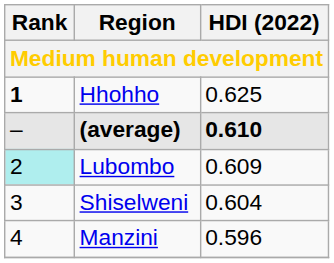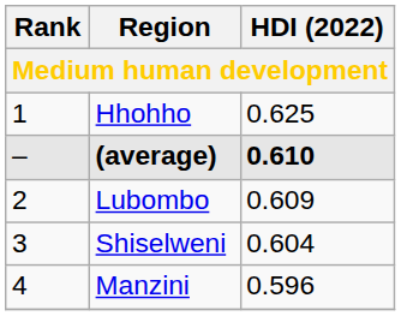 <table class="wikitable sortable">
 <tr>
 <th class="sort">Rank</th>
 <th class="sort">Region</th>
 <th class="sort">HDI (2022)</th>
 </tr>
 <tr>
 <th colspan="3" style="color:#fc0;">Medium human development</th>
 </tr>
 <tr>
-<td><strong>1</strong></td>
+<td>1</td>
 <td style="text-align:left"><a href='#'>Hhohho</a></td>
 <td>0.625</td>
 </tr>
 <tr style="background:#e6e6e6">
 <td>–</td>
 <td style="text-align:left"><strong> (average)</strong></td>
 <td><strong>0.610</strong></td>
 </tr>
 <tr>
-<td style="background: paleturquoise;">2</td>
+<td>2</td>
 <td style="text-align:left"><a href='#'>Lubombo</a></td>
 <td>0.609</td>
 </tr>
 <tr>
 <td>3</td>
 <td style="text-align:left"><a href='#'>Shiselweni</a></td>
 <td>0.604</td>
 </tr>
 <tr>
 <td>4</td>
 <td style="text-align:left"><a href='#'>Manzini</a></td>
 <td>0.596</td>
 </tr>
 <tr>
 </tr>
 </table>
